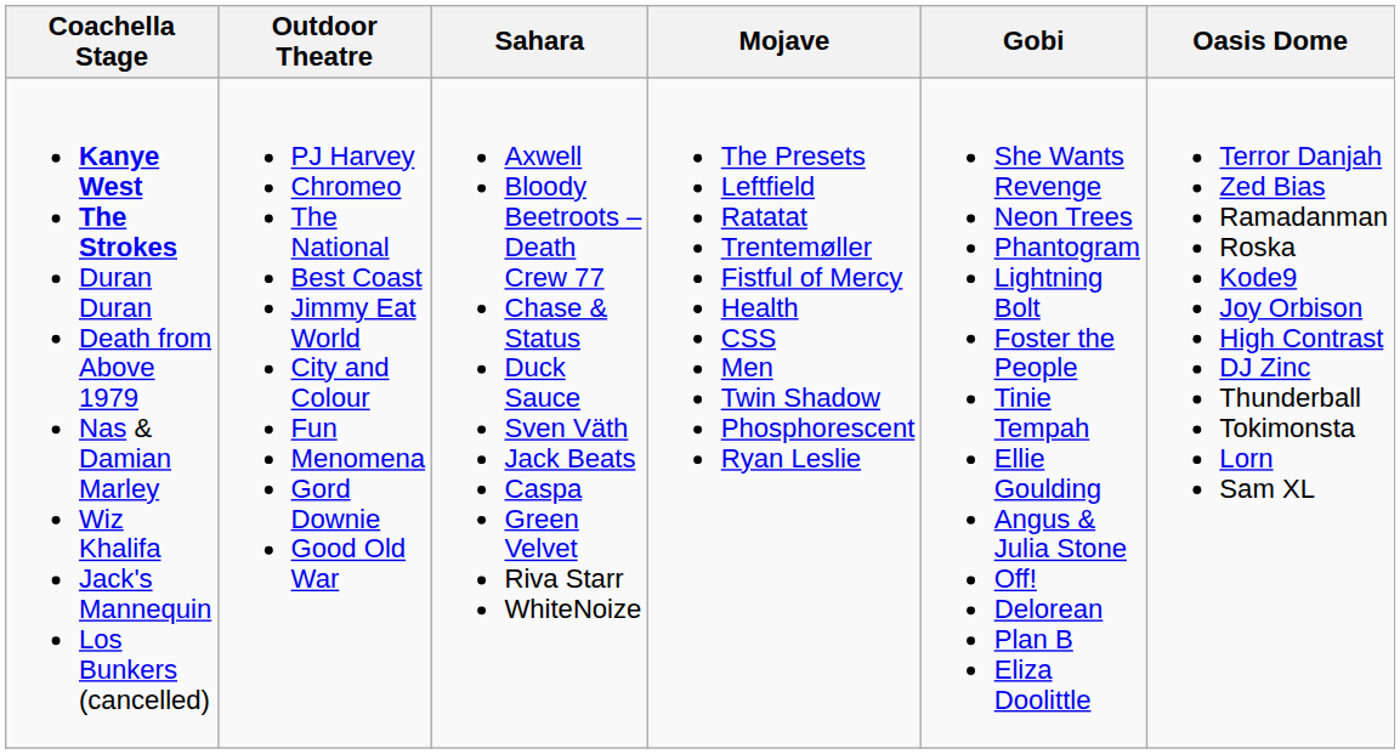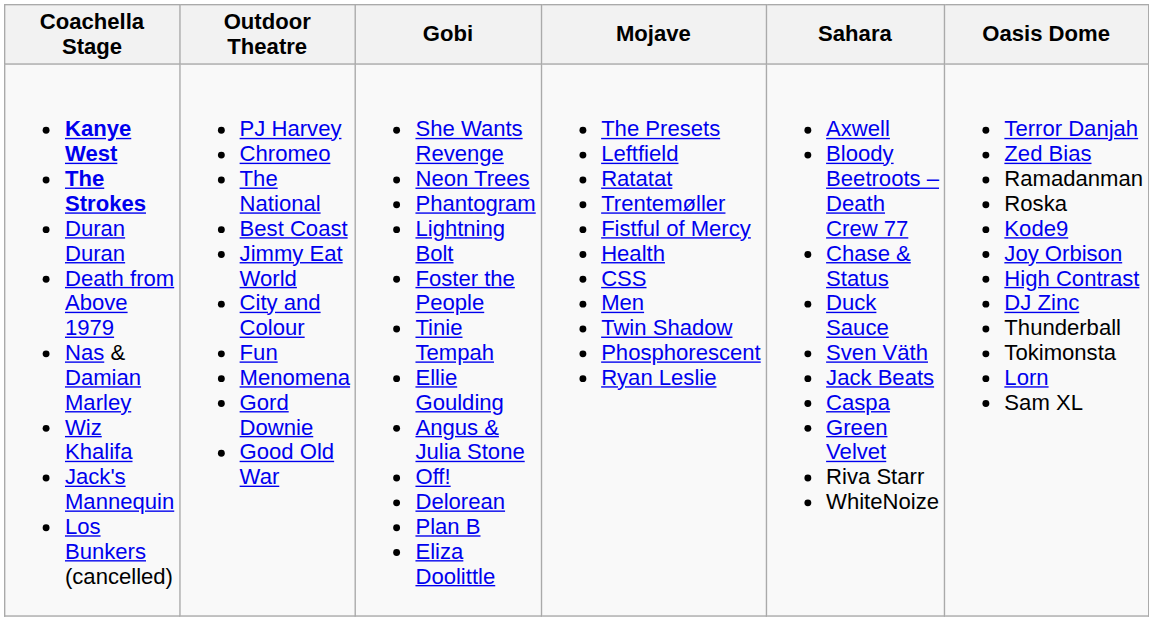 <table class="wikitable">
 <tr>
 <th>Coachella Stage</th>
 <th>Outdoor Theatre</th>
+<th>Gobi</th>
+<th>Mojave</th>
 <th>Sahara</th>
-<th>Mojave</th>
-<th>Gobi</th>
 <th>Oasis Dome</th>
 </tr>
 <tr valign="top">
 <td><br><ul><li><strong><a href='#'>Kanye West</a></strong></li><li><strong><a href='#'>The Strokes</a></strong></li><li><a href='#'>Duran Duran</a></li><li><a href='#'>Death from Above 1979</a></li><li><a href='#'>Nas</a> & <a href='#'>Damian Marley</a></li><li><a href='#'>Wiz Khalifa</a></li><li><a href='#'>Jack's Mannequin</a></li><li><a href='#'>Los Bunkers</a> (cancelled)</li></ul></td>
 <td><br><ul><li><a href='#'>PJ Harvey</a></li><li><a href='#'>Chromeo</a></li><li><a href='#'>The National</a></li><li><a href='#'>Best Coast</a></li><li><a href='#'>Jimmy Eat World</a></li><li><a href='#'>City and Colour</a></li><li><a href='#'>Fun</a></li><li><a href='#'>Menomena</a></li><li><a href='#'>Gord Downie</a></li><li><a href='#'>Good Old War</a></li></ul></td>
+<td><br><ul><li><a href='#'>She Wants Revenge</a></li><li><a href='#'>Neon Trees</a></li><li><a href='#'>Phantogram</a></li><li><a href='#'>Lightning Bolt</a></li><li><a href='#'>Foster the People</a></li><li><a href='#'>Tinie Tempah</a></li><li><a href='#'>Ellie Goulding</a></li><li><a href='#'>Angus & Julia Stone</a></li><li><a href='#'>Off!</a></li><li><a href='#'>Delorean</a></li><li><a href='#'>Plan B</a></li><li><a href='#'>Eliza Doolittle</a></li></ul></td>
+<td><br><ul><li><a href='#'>The Presets</a></li><li><a href='#'>Leftfield</a></li><li><a href='#'>Ratatat</a></li><li><a href='#'>Trentemøller</a></li><li><a href='#'>Fistful of Mercy</a></li><li><a href='#'>Health</a></li><li><a href='#'>CSS</a></li><li><a href='#'>Men</a></li><li><a href='#'>Twin Shadow</a></li><li><a href='#'>Phosphorescent</a></li><li><a href='#'>Ryan Leslie</a></li></ul></td>
 <td><br><ul><li><a href='#'>Axwell</a></li><li><a href='#'>Bloody Beetroots – Death Crew 77</a></li><li><a href='#'>Chase & Status</a></li><li><a href='#'>Duck Sauce</a></li><li><a href='#'>Sven Väth</a></li><li><a href='#'>Jack Beats</a></li><li><a href='#'>Caspa</a></li><li><a href='#'>Green Velvet</a></li><li>Riva Starr</li><li>WhiteNoize</li></ul></td>
-<td><br><ul><li><a href='#'>The Presets</a></li><li><a href='#'>Leftfield</a></li><li><a href='#'>Ratatat</a></li><li><a href='#'>Trentemøller</a></li><li><a href='#'>Fistful of Mercy</a></li><li><a href='#'>Health</a></li><li><a href='#'>CSS</a></li><li><a href='#'>Men</a></li><li><a href='#'>Twin Shadow</a></li><li><a href='#'>Phosphorescent</a></li><li><a href='#'>Ryan Leslie</a></li></ul></td>
-<td><br><ul><li><a href='#'>She Wants Revenge</a></li><li><a href='#'>Neon Trees</a></li><li><a href='#'>Phantogram</a></li><li><a href='#'>Lightning Bolt</a></li><li><a href='#'>Foster the People</a></li><li><a href='#'>Tinie Tempah</a></li><li><a href='#'>Ellie Goulding</a></li><li><a href='#'>Angus & Julia Stone</a></li><li><a href='#'>Off!</a></li><li><a href='#'>Delorean</a></li><li><a href='#'>Plan B</a></li><li><a href='#'>Eliza Doolittle</a></li></ul></td>
 <td><br><ul><li><a href='#'>Terror Danjah</a></li><li><a href='#'>Zed Bias</a></li><li>Ramadanman</li><li>Roska</li><li><a href='#'>Kode9</a></li><li><a href='#'>Joy Orbison</a></li><li><a href='#'>High Contrast</a></li><li><a href='#'>DJ Zinc</a></li><li>Thunderball</li><li>Tokimonsta</li><li><a href='#'>Lorn</a></li><li>Sam XL</li></ul></td>
 </tr>
 </table>
